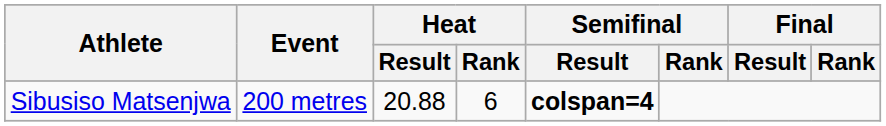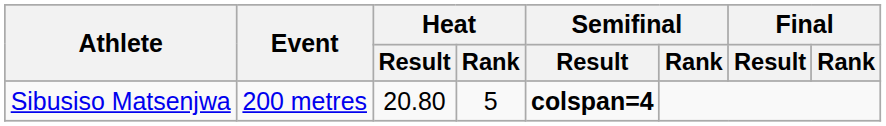 <table class="wikitable" style="font-size:90%">
 <tr>
 <th rowspan="2">Athlete</th>
 <th rowspan="2">Event</th>
 <th colspan="2">Heat</th>
 <th colspan="2">Semifinal</th>
 <th colspan="2">Final</th>
 </tr>
 <tr style="font-size:95%">
 <th>Result</th>
 <th>Rank</th>
 <th>Result</th>
 <th>Rank</th>
 <th>Result</th>
 <th>Rank</th>
 </tr>
 <tr align=center>
 <td align=left><a href='#'>Sibusiso Matsenjwa</a></td>
 <td align=left><a href='#'>200 metres</a></td>
-<td>20.88</td>
-<td>6</td>
+<td>20.80</td>
+<td>5</td>
 <td><strong>colspan=4 </strong></td>
 </tr>
 </table>
